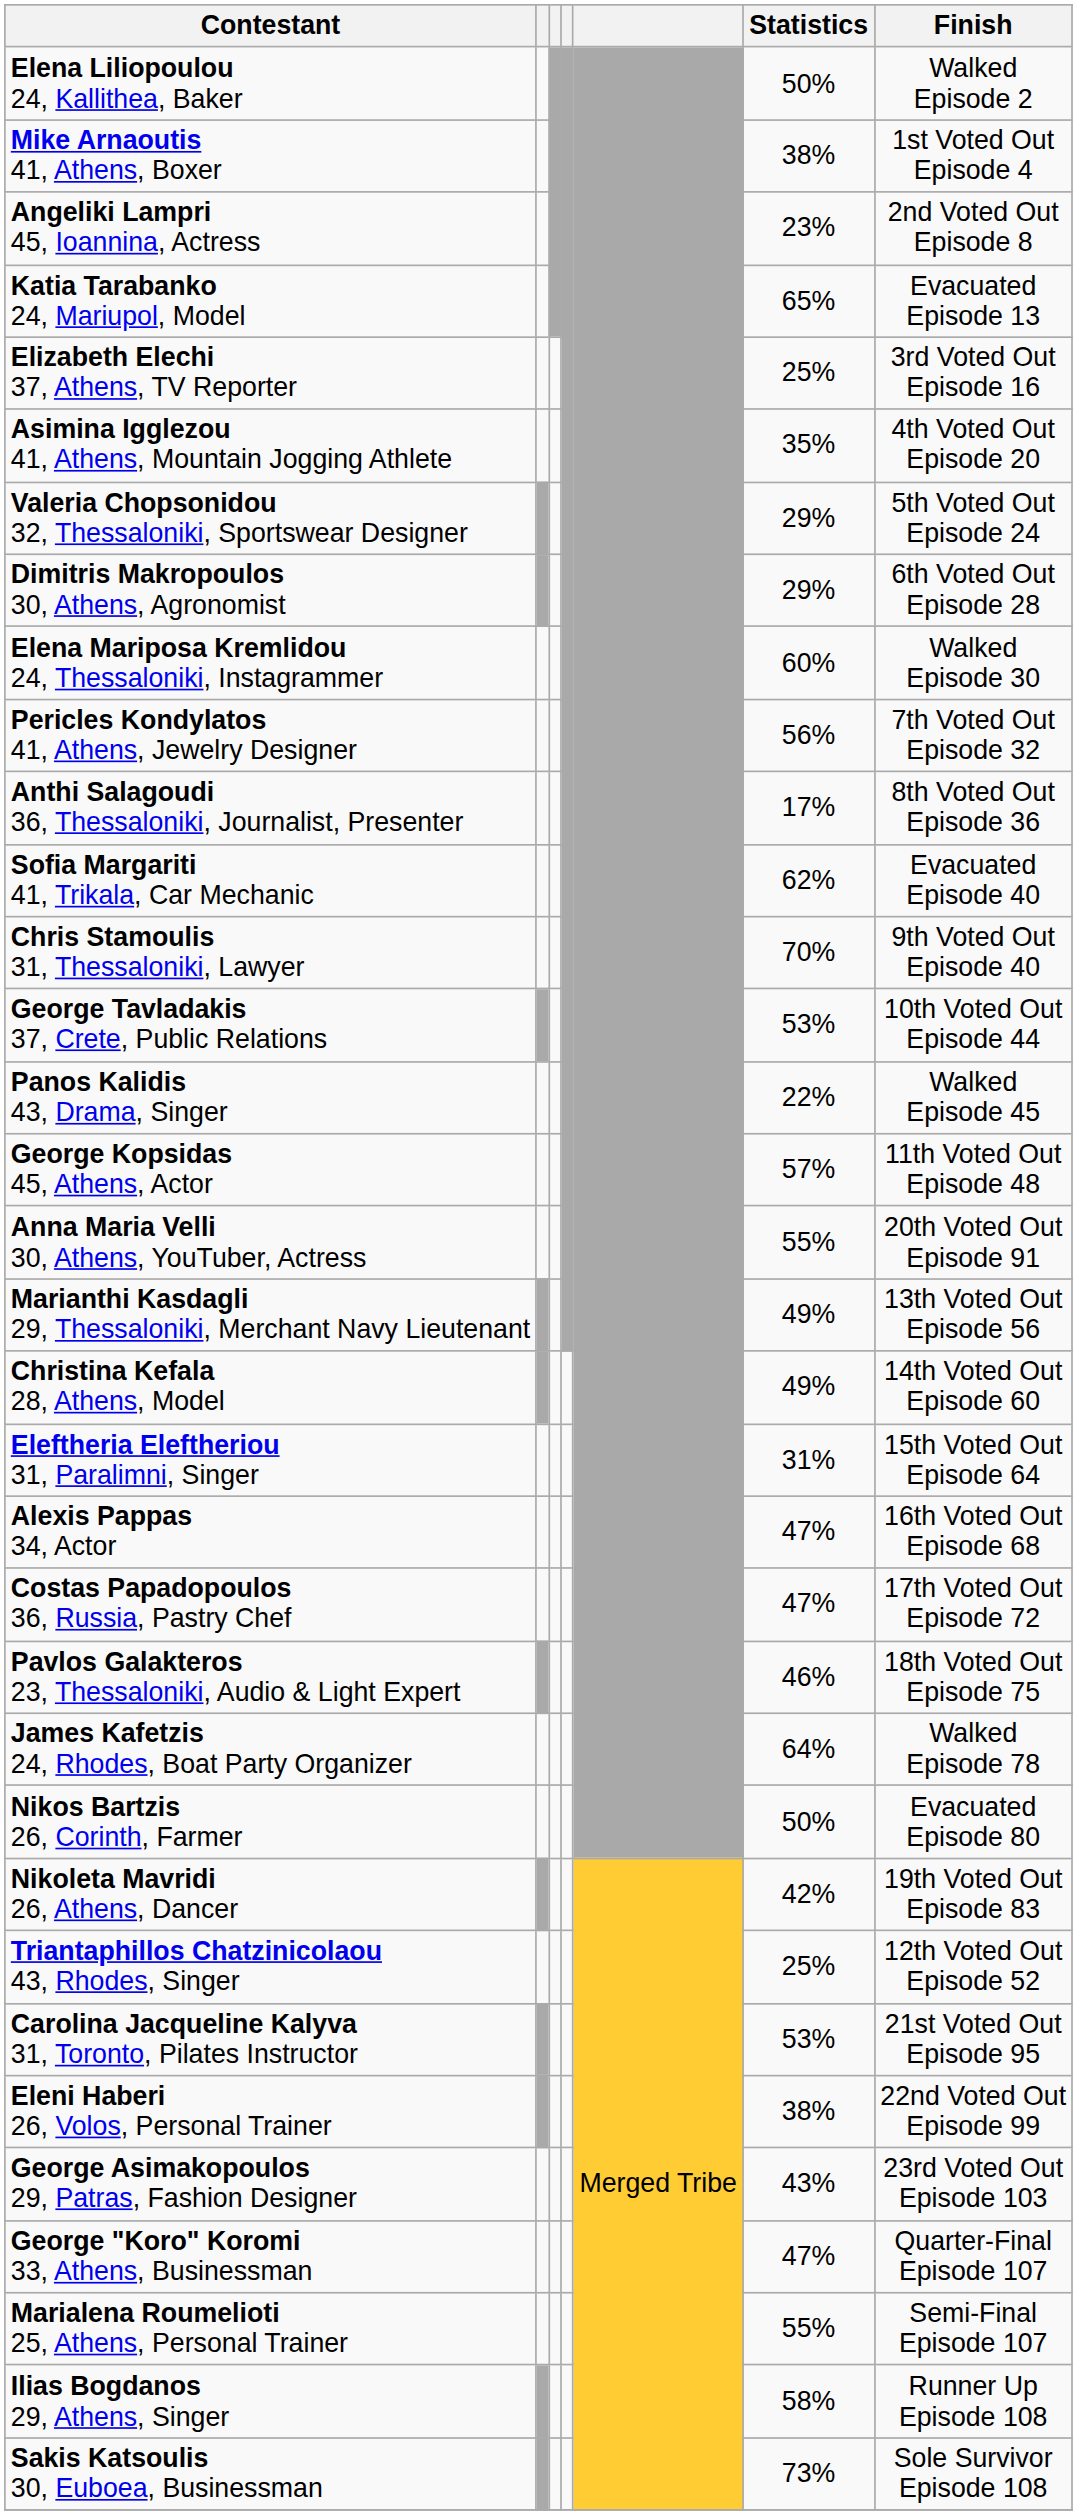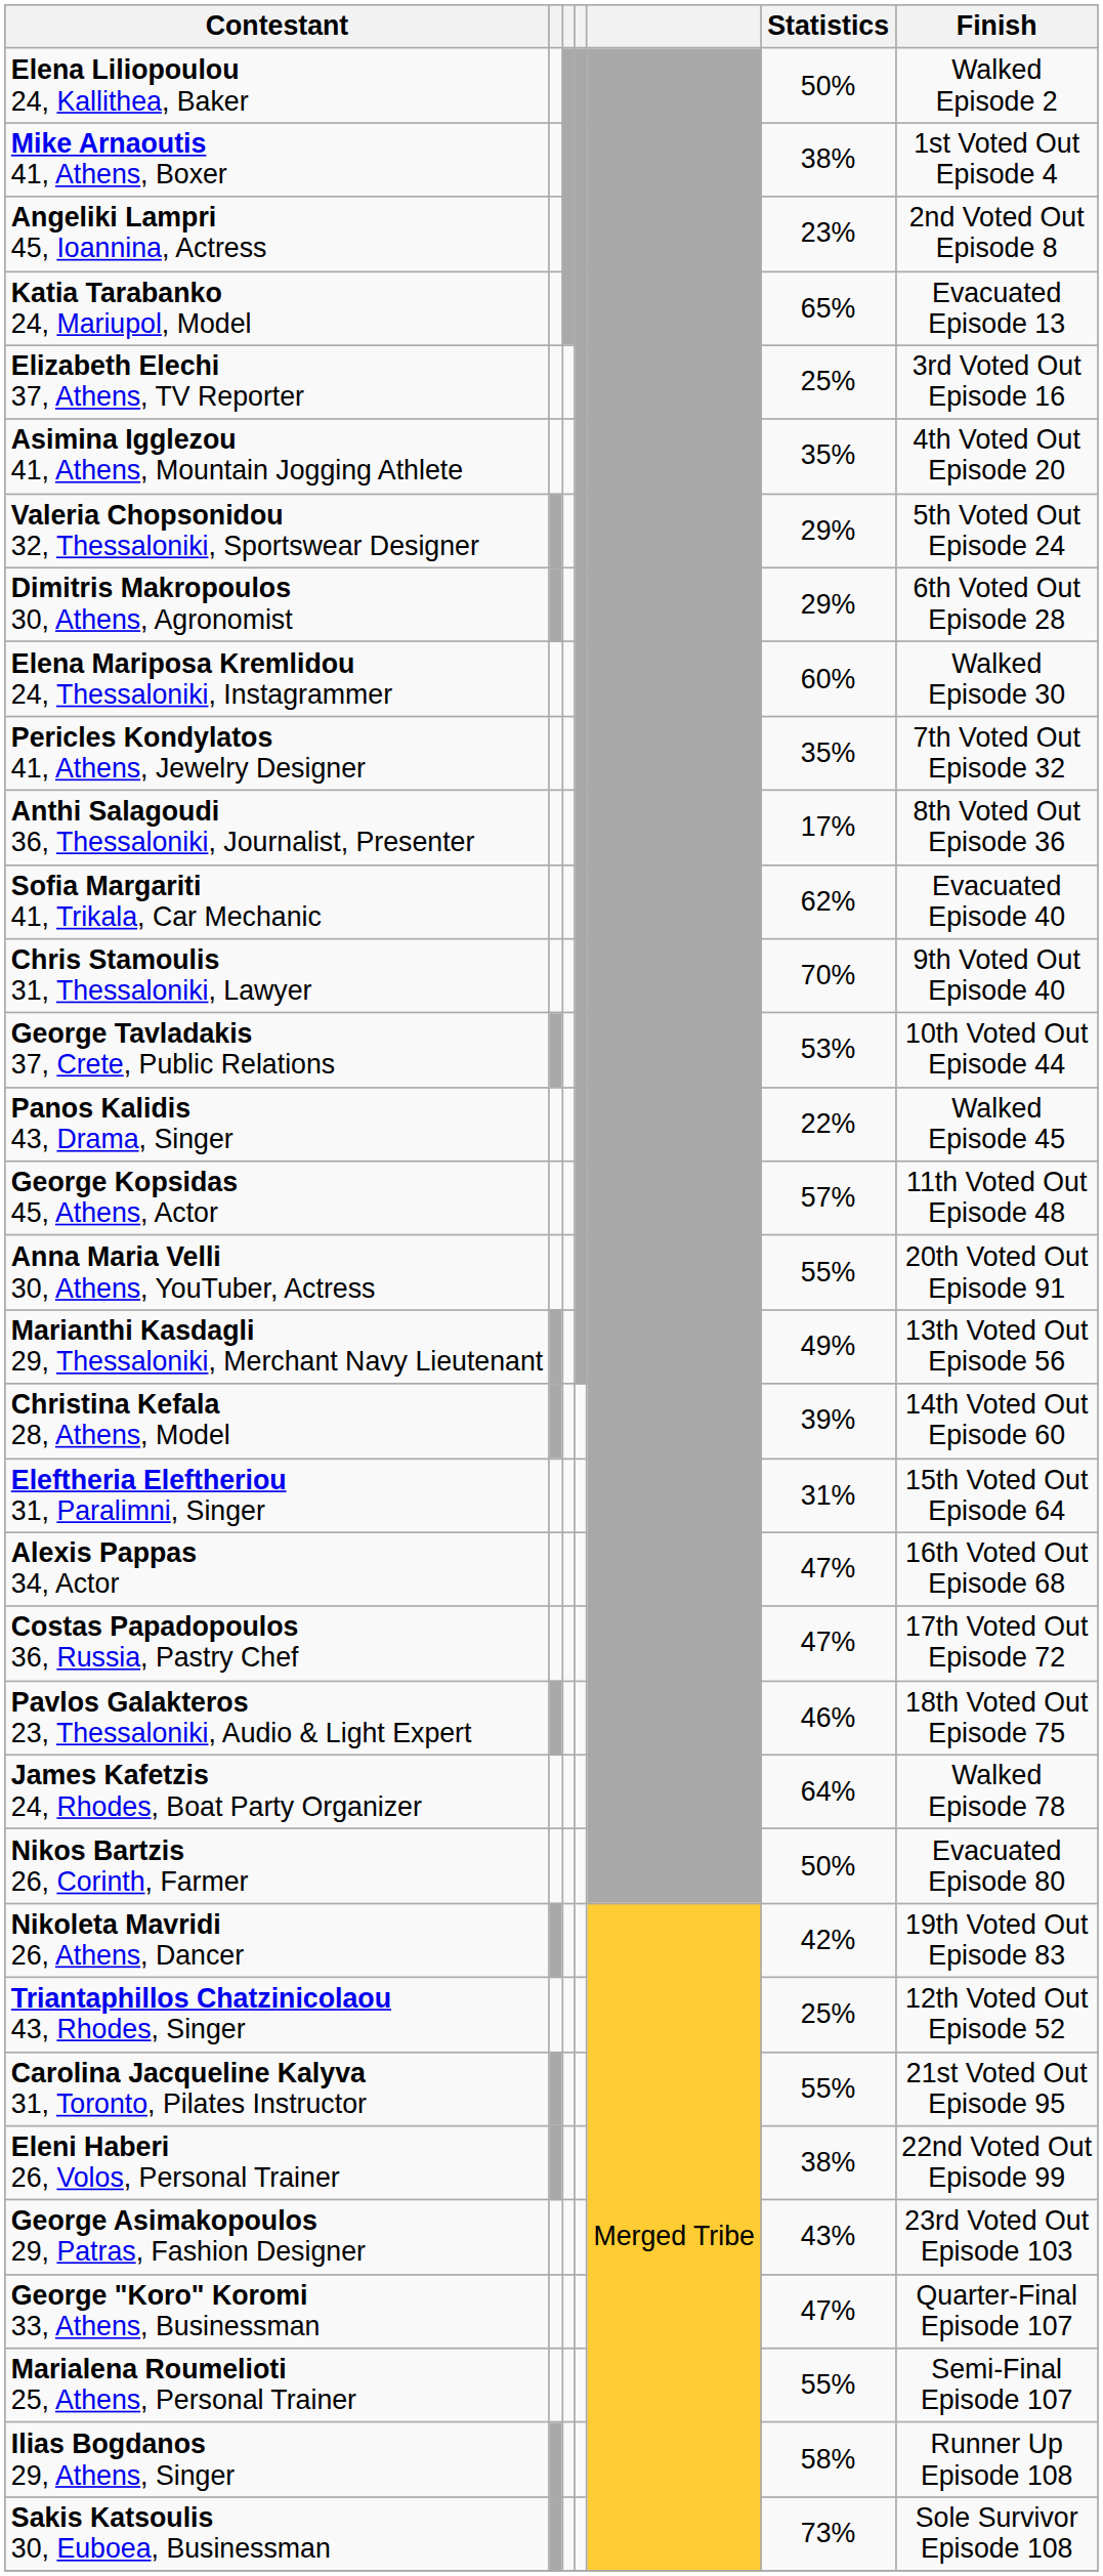 <table class="wikitable sortable" style="margin:auto; text-align:center">
 <tr>
 <th>Contestant</th>
 <th></th>
 <th></th>
 <th></th>
 <th></th>
 <th>Statistics</th>
 <th>Finish</th>
 </tr>
 <tr>
 <td align="left"><strong>Elena Liliopoulou</strong> <br> 24, <a href='#'>Kallithea</a>, Baker</td>
 <td></td>
 <td bgcolor="darkgray" rowspan="4"></td>
 <td bgcolor="darkgray" rowspan="18"></td>
 <td bgcolor="darkgray" rowspan="25"></td>
 <td>50%</td>
 <td>Walked<br>Episode 2</td>
 </tr>
 <tr>
 <td align="left"><strong><a href='#'>Mike Arnaoutis</a></strong> <br> 41, <a href='#'>Athens</a>, Boxer</td>
 <td></td>
 <td>38%</td>
 <td>1st Voted Out<br>Episode 4</td>
 </tr>
 <tr>
 <td align="left"><strong>Angeliki Lampri</strong> <br> 45, <a href='#'>Ioannina</a>, Actress</td>
 <td></td>
 <td>23%</td>
 <td>2nd Voted Out<br>Episode 8</td>
 </tr>
 <tr>
 <td align="left"><strong>Katia Tarabanko</strong> <br> 24, <a href='#'>Mariupol</a>, Model</td>
 <td></td>
 <td>65%</td>
 <td>Evacuated<br>Episode 13</td>
 </tr>
 <tr>
 <td align="left"><strong>Elizabeth Elechi</strong> <br> 37, <a href='#'>Athens</a>, TV Reporter</td>
 <td></td>
 <td></td>
 <td>25%</td>
 <td>3rd Voted Out<br>Episode 16</td>
 </tr>
 <tr>
 <td align="left"><strong>Asimina Igglezou</strong> <br> 41, <a href='#'>Athens</a>, Mountain Jogging Athlete</td>
 <td></td>
 <td></td>
 <td>35%</td>
 <td>4th Voted Out<br>Episode 20</td>
 </tr>
 <tr>
 <td align="left"><strong>Valeria Chopsonidou</strong> <br> 32, <a href='#'>Thessaloniki</a>, Sportswear Designer</td>
 <td bgcolor="darkgray"></td>
 <td></td>
 <td>29%</td>
 <td>5th Voted Out<br>Episode 24</td>
 </tr>
 <tr>
 <td align="left"><strong>Dimitris Makropoulos</strong> <br> 30, <a href='#'>Athens</a>, Agronomist</td>
 <td bgcolor="darkgray"></td>
 <td></td>
 <td>29%</td>
 <td>6th Voted Out<br>Episode 28</td>
 </tr>
 <tr>
 <td align="left"><strong>Elena Mariposa Kremlidou</strong> <br> 24, <a href='#'>Thessaloniki</a>, Instagrammer</td>
 <td></td>
 <td></td>
 <td>60%</td>
 <td>Walked<br>Episode 30</td>
 </tr>
 <tr>
 <td align="left"><strong>Pericles Kondylatos</strong> <br>41, <a href='#'>Athens</a>, Jewelry Designer</td>
 <td></td>
 <td></td>
-<td>56%</td>
+<td>35%</td>
 <td>7th Voted Out<br>Episode 32</td>
 </tr>
 <tr>
 <td align="left"><strong>Anthi Salagoudi</strong> <br> 36, <a href='#'>Thessaloniki</a>, Journalist, Presenter</td>
 <td></td>
 <td></td>
 <td>17%</td>
 <td>8th Voted Out<br>Episode 36</td>
 </tr>
 <tr>
 <td align="left"><strong>Sofia Margariti</strong> <br> 41, <a href='#'>Trikala</a>, Car Mechanic</td>
 <td></td>
 <td></td>
 <td>62%</td>
 <td>Evacuated<br>Episode 40</td>
 </tr>
 <tr>
 <td align="left"><strong>Chris Stamoulis</strong> <br> 31, <a href='#'>Thessaloniki</a>, Lawyer</td>
 <td></td>
 <td></td>
 <td>70%</td>
 <td>9th Voted Out<br>Episode 40</td>
 </tr>
 <tr>
 <td align="left"><strong>George Tavladakis</strong> <br> 37, <a href='#'>Crete</a>, Public Relations</td>
 <td bgcolor="darkgray"></td>
 <td></td>
 <td>53%</td>
 <td>10th Voted Out<br>Episode 44</td>
 </tr>
 <tr>
 <td align="left"><strong>Panos Kalidis</strong> <br> 43, <a href='#'>Drama</a>, Singer</td>
 <td></td>
 <td></td>
 <td>22%</td>
 <td>Walked<br>Episode 45</td>
 </tr>
 <tr>
 <td align="left"><strong>George Kopsidas</strong> <br> 45, <a href='#'>Athens</a>, Actor</td>
 <td></td>
 <td></td>
 <td>57%</td>
 <td>11th Voted Out<br>Episode 48</td>
 </tr>
 <tr>
 <td align="left"><strong>Anna Maria Velli</strong> <br> 30, <a href='#'>Athens</a>, YouTuber, Actress</td>
 <td></td>
 <td></td>
 <td>55%</td>
 <td>20th Voted Out<br>Episode 91</td>
 </tr>
 <tr>
 <td align="left"><strong>Marianthi Kasdagli</strong> <br> 29, <a href='#'>Thessaloniki</a>, Merchant Navy Lieutenant</td>
 <td bgcolor="darkgray"></td>
 <td></td>
 <td>49%</td>
 <td>13th Voted Out<br>Episode 56</td>
 </tr>
 <tr>
 <td align="left"><strong>Christina Kefala</strong> <br> 28, <a href='#'>Athens</a>, Model</td>
 <td bgcolor="darkgray"></td>
 <td></td>
 <td></td>
-<td>49%</td>
+<td>39%</td>
 <td>14th Voted Out<br>Episode 60</td>
 </tr>
 <tr>
 <td align="left"><strong><a href='#'>Eleftheria Eleftheriou</a></strong> <br> 31, <a href='#'>Paralimni</a>, Singer</td>
 <td></td>
 <td></td>
 <td></td>
 <td>31%</td>
 <td>15th Voted Out<br>Episode 64</td>
 </tr>
 <tr>
 <td align="left"><strong>Alexis Pappas</strong> <br> 34, Actor</td>
 <td></td>
 <td></td>
 <td></td>
 <td>47%</td>
 <td>16th Voted Out<br>Episode 68</td>
 </tr>
 <tr>
 <td align="left"><strong>Costas Papadopoulos</strong> <br> 36, <a href='#'>Russia</a>, Pastry Chef</td>
 <td></td>
 <td></td>
 <td></td>
 <td>47%</td>
 <td>17th Voted Out<br>Episode 72</td>
 </tr>
 <tr>
 <td align="left"><strong>Pavlos Galakteros</strong> <br> 23, <a href='#'>Thessaloniki</a>, Audio & Light Expert</td>
 <td bgcolor="darkgray"></td>
 <td></td>
 <td></td>
 <td>46%</td>
 <td>18th Voted Out<br>Episode 75</td>
 </tr>
 <tr>
 <td align="left"><strong>James Kafetzis</strong> <br> 24, <a href='#'>Rhodes</a>, Boat Party Organizer</td>
 <td></td>
 <td></td>
 <td></td>
 <td>64%</td>
 <td>Walked<br>Episode 78</td>
 </tr>
 <tr>
 <td align="left"><strong>Nikos Bartzis</strong> <br> 26, <a href='#'>Corinth</a>, Farmer</td>
 <td></td>
 <td></td>
 <td></td>
 <td>50%</td>
 <td>Evacuated<br>Episode 80</td>
 </tr>
 <tr>
 <td align="left"><strong>Nikoleta Mavridi</strong> <br> 26, <a href='#'>Athens</a>, Dancer</td>
 <td bgcolor="darkgray"></td>
 <td></td>
 <td></td>
 <td bgcolor="#FFCC33" rowspan="9">Merged Tribe</td>
 <td>42%</td>
 <td>19th Voted Out<br>Episode 83</td>
 </tr>
 <tr>
 <td align="left"><strong><a href='#'>Triantaphillos Chatzinicolaou</a></strong> <br> 43, <a href='#'>Rhodes</a>, Singer</td>
 <td></td>
 <td></td>
 <td></td>
 <td>25%</td>
 <td>12th Voted Out<br>Episode 52</td>
 </tr>
 <tr>
 <td align="left"><strong>Carolina Jacqueline Kalyva</strong> <br> 31, <a href='#'>Toronto</a>, Pilates Instructor</td>
 <td bgcolor="darkgray"></td>
 <td></td>
 <td></td>
-<td>53%</td>
+<td>55%</td>
 <td>21st Voted Out<br>Episode 95</td>
 </tr>
 <tr>
 <td align="left"><strong>Eleni Haberi</strong> <br> 26,  <a href='#'>Volos</a>, Personal Trainer</td>
 <td bgcolor="darkgray"></td>
 <td></td>
 <td></td>
 <td>38%</td>
 <td>22nd Voted Out<br>Episode 99</td>
 </tr>
 <tr>
 <td align="left"><strong>George Asimakopoulos</strong> <br> 29, <a href='#'>Patras</a>, Fashion Designer</td>
 <td></td>
 <td></td>
 <td></td>
 <td>43%</td>
 <td>23rd Voted Out<br>Episode 103</td>
 </tr>
 <tr>
 <td align="left"><strong>George "Koro" Koromi</strong> <br> 33, <a href='#'>Athens</a>, Businessman</td>
 <td></td>
 <td></td>
 <td></td>
 <td>47%</td>
 <td>Quarter-Final<br>Episode 107</td>
 </tr>
 <tr>
 <td align="left"><strong>Marialena Roumelioti</strong> <br> 25, <a href='#'>Athens</a>, Personal Trainer</td>
 <td></td>
 <td></td>
 <td></td>
 <td>55%</td>
 <td>Semi-Final<br>Episode 107</td>
 </tr>
 <tr>
 <td align="left"><strong>Ilias Bogdanos</strong> <br> 29, <a href='#'>Athens</a>, Singer</td>
 <td bgcolor="darkgray"></td>
 <td></td>
 <td></td>
 <td>58%</td>
 <td>Runner Up <br>Episode 108</td>
 </tr>
 <tr>
 <td align="left"><strong>Sakis Katsoulis</strong> <br> 30, <a href='#'>Euboea</a>, Businessman</td>
 <td bgcolor="darkgray"></td>
 <td></td>
 <td></td>
 <td>73%</td>
 <td>Sole Survivor<br>Episode 108</td>
 </tr>
 <tr>
 </tr>
 </table>
